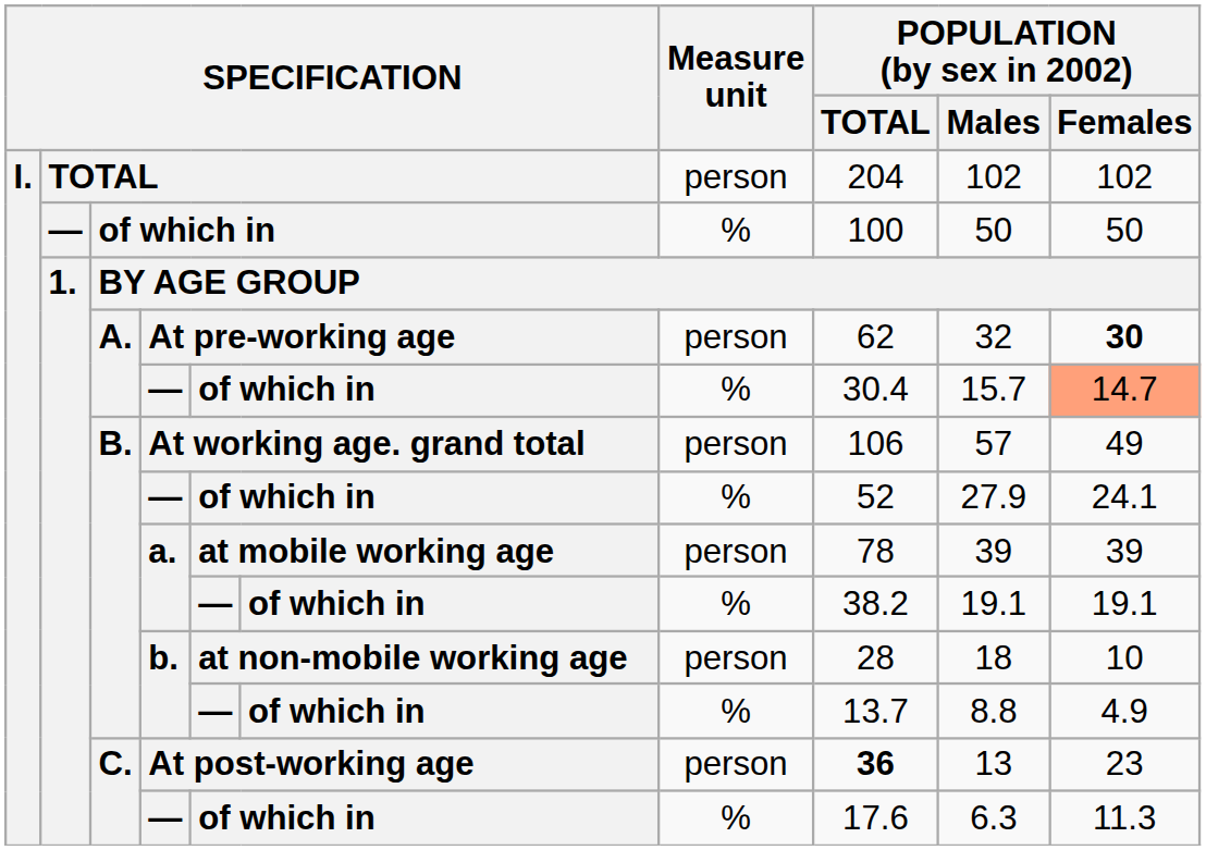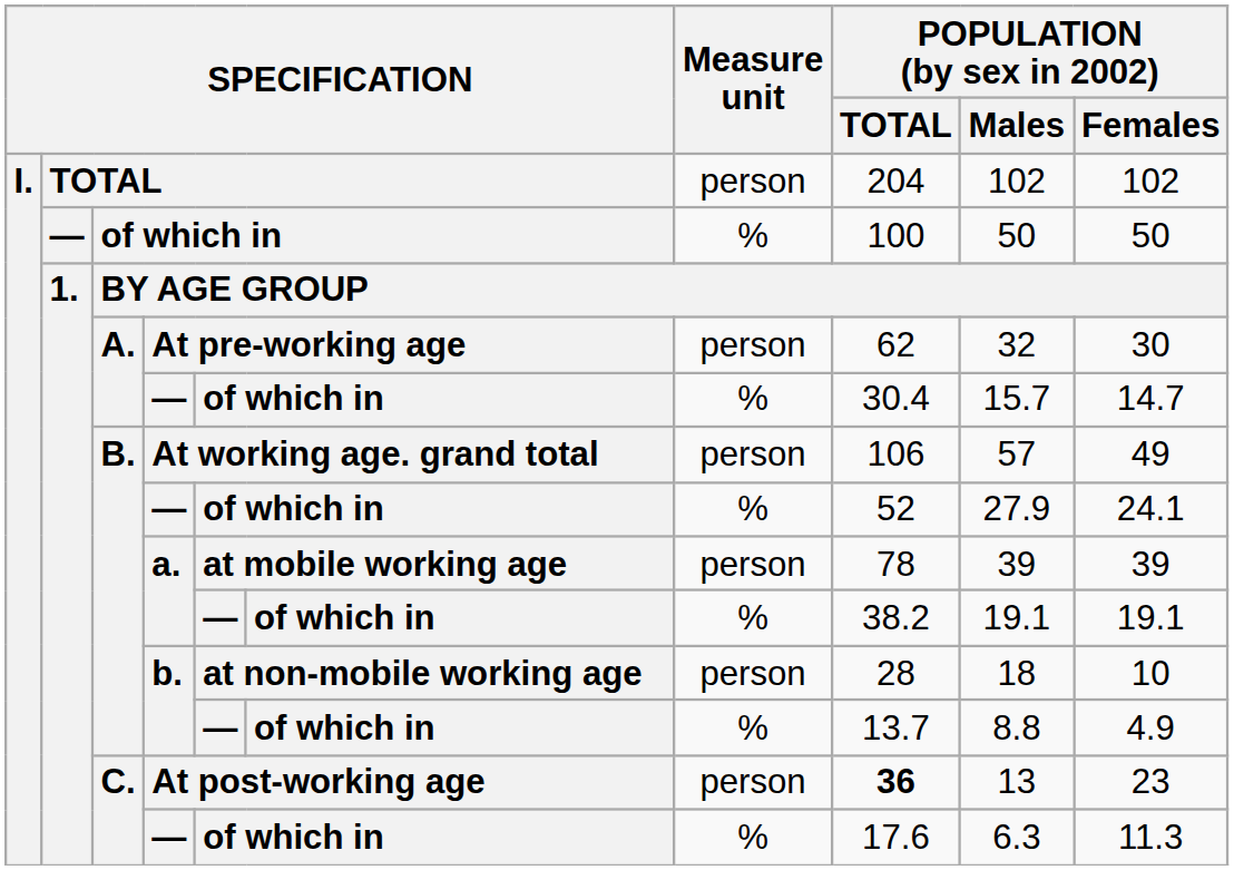 <table class="wikitable" style="font-size:85%; text-align:center">
 <tr>
 <th rowspan="2" colspan="6">SPECIFICATION</th>
 <th rowspan="2">Measure<br> unit</th>
 <th colspan="3" rowspan="1">POPULATION<br> (by sex in 2002)</th>
 </tr>
 <tr>
 <th>TOTAL</th>
 <th>Males</th>
 <th>Females</th>
 </tr>
 <tr>
 <th style="text-align:left" valign="top" rowspan="13">I.</th>
 <th style="text-align:left" colspan="5">TOTAL</th>
 <td>person</td>
 <td>204</td>
 <td>102</td>
 <td>102</td>
 </tr>
 <tr>
 <th style="text-align:left" valign="top">—</th>
 <th style="text-align:left" colspan="4">of which in</th>
 <td>%</td>
 <td>100</td>
 <td>50</td>
 <td>50</td>
 </tr>
 <tr>
 <th style="text-align:left" valign="top" rowspan="11">1.</th>
 <th style="text-align:left" colspan="19">BY AGE GROUP</th>
 </tr>
 <tr>
 <th style="text-align:left" valign="top" rowspan="2">A.</th>
 <th style="text-align:left" colspan="3">At pre-working age</th>
 <td>person</td>
 <td>62</td>
 <td>32</td>
-<td><strong>30</strong></td>
+<td>30</td>
 </tr>
 <tr>
 <th style="text-align:left" valign="top">—</th>
 <th style="text-align:left" valign="top" colspan="2">of which in</th>
 <td>%</td>
 <td>30.4</td>
 <td>15.7</td>
-<td style="background: lightsalmon;">14.7</td>
+<td>14.7</td>
 </tr>
 <tr>
 <th style="text-align:left" valign="top" rowspan="6">B.</th>
 <th style="text-align:left" colspan="3">At working age. grand total</th>
 <td>person</td>
 <td>106</td>
 <td>57</td>
 <td>49</td>
 </tr>
 <tr>
 <th style="text-align:left" valign="top">—</th>
 <th style="text-align:left" valign="top" colspan="2">of which in</th>
 <td>%</td>
 <td>52</td>
 <td>27.9</td>
 <td>24.1</td>
 </tr>
 <tr>
 <th style="text-align:left" valign="top" rowspan="2">a.</th>
 <th style="text-align:left" colspan="2">at mobile working age</th>
 <td>person</td>
 <td>78</td>
 <td>39</td>
 <td>39</td>
 </tr>
 <tr>
 <th style="text-align:left" valign="top">—</th>
 <th style="text-align:left" valign="top" colspan="1">of which in                        </th>
 <td>%</td>
 <td>38.2</td>
 <td>19.1</td>
 <td>19.1</td>
 </tr>
 <tr>
 <th style="text-align:left" valign="top" rowspan="2">b.</th>
 <th style="text-align:left" colspan="2">at non-mobile working age</th>
 <td>person</td>
 <td>28</td>
 <td>18</td>
 <td>10</td>
 </tr>
 <tr>
 <th style="text-align:left" valign="top">—</th>
 <th style="text-align:left" valign="top" colspan="1">of which in                        </th>
 <td>%</td>
 <td>13.7</td>
 <td>8.8</td>
 <td>4.9</td>
 </tr>
 <tr>
 <th style="text-align:left" valign="top" rowspan="2">C.</th>
 <th style="text-align:left" colspan="3">At post-working age</th>
 <td>person</td>
 <td><strong>36</strong></td>
 <td>13</td>
 <td>23</td>
 </tr>
 <tr>
 <th style="text-align:left" valign="top">—</th>
 <th style="text-align:left" valign="top" colspan="2">of which in</th>
 <td>%</td>
 <td>17.6</td>
 <td>6.3</td>
 <td>11.3</td>
 </tr>
 </table>
